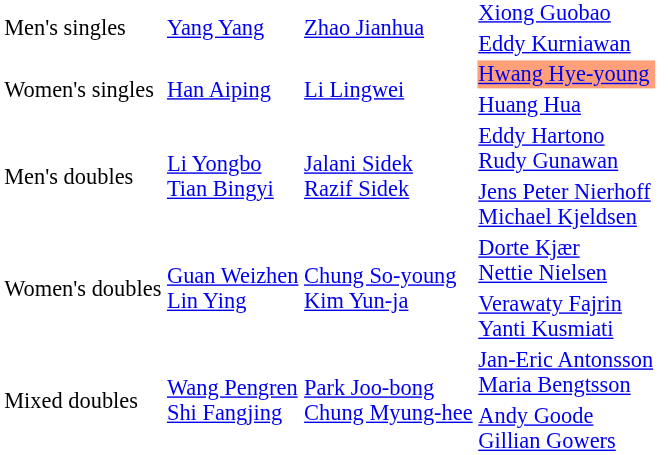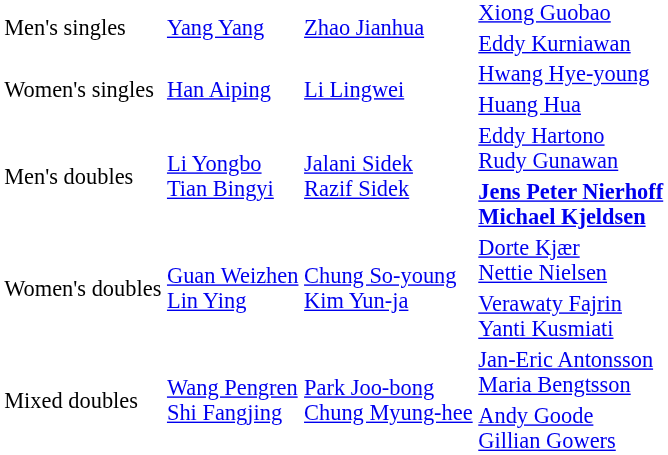 <table>
 <tr>
 <td rowspan=2>Men's singles</td>
 <td rowspan=2> <a href='#'>Yang Yang</a></td>
 <td rowspan=2> <a href='#'>Zhao Jianhua</a></td>
 <td> <a href='#'>Xiong Guobao</a></td>
 </tr>
 <tr>
 <td> <a href='#'>Eddy Kurniawan</a></td>
 </tr>
 <tr>
 <td rowspan=2>Women's singles</td>
 <td rowspan=2> <a href='#'>Han Aiping</a></td>
 <td rowspan=2> <a href='#'>Li Lingwei</a></td>
-<td style="background: lightsalmon;"> <a href='#'>Hwang Hye-young</a></td>
+<td> <a href='#'>Hwang Hye-young</a></td>
 </tr>
 <tr>
 <td> <a href='#'>Huang Hua</a></td>
 </tr>
 <tr>
 <td rowspan=2>Men's doubles</td>
 <td rowspan=2> <a href='#'>Li Yongbo</a> <br>  <a href='#'>Tian Bingyi</a></td>
 <td rowspan=2> <a href='#'>Jalani Sidek</a> <br>  <a href='#'>Razif Sidek</a></td>
 <td> <a href='#'>Eddy Hartono</a> <br>  <a href='#'>Rudy Gunawan</a></td>
 </tr>
 <tr>
-<td> <a href='#'>Jens Peter Nierhoff</a> <br>  <a href='#'>Michael Kjeldsen</a></td>
+<td><strong> <a href='#'>Jens Peter Nierhoff</a> <br>  <a href='#'>Michael Kjeldsen</a></strong></td>
 </tr>
 <tr>
 <td rowspan=2>Women's doubles</td>
 <td rowspan=2> <a href='#'>Guan Weizhen</a> <br>  <a href='#'>Lin Ying</a></td>
 <td rowspan=2> <a href='#'>Chung So-young</a> <br>  <a href='#'>Kim Yun-ja</a></td>
 <td> <a href='#'>Dorte Kjær</a> <br>  <a href='#'>Nettie Nielsen</a></td>
 </tr>
 <tr>
 <td> <a href='#'>Verawaty Fajrin</a> <br>  <a href='#'>Yanti Kusmiati</a></td>
 </tr>
 <tr>
 <td rowspan=2>Mixed doubles</td>
 <td rowspan=2> <a href='#'>Wang Pengren</a><br>  <a href='#'>Shi Fangjing</a></td>
 <td rowspan=2> <a href='#'>Park Joo-bong</a> <br>  <a href='#'>Chung Myung-hee</a></td>
 <td> <a href='#'>Jan-Eric Antonsson</a><br> <a href='#'>Maria Bengtsson</a></td>
 </tr>
 <tr>
 <td> <a href='#'>Andy Goode</a> <br>  <a href='#'>Gillian Gowers</a></td>
 </tr>
 </table>
